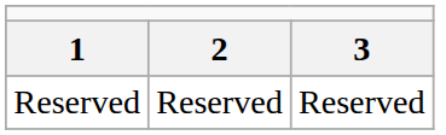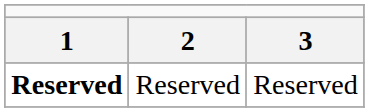 <table class="wikitable" style="text-align:center;">
 <tr style="border-bottom: 4px solid #">
 <td colspan="3"> </td>
 </tr>
 <tr>
 <th>1</th>
 <th>2</th>
 <th>3</th>
 </tr>
 <tr style="background:white;">
-<td>Reserved</td>
+<td><strong>Reserved</strong></td>
 <td>Reserved</td>
 <td>Reserved</td>
 </tr>
 </table>
